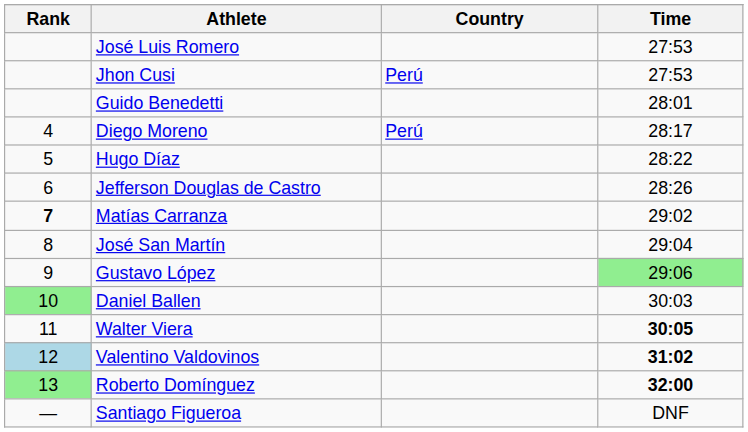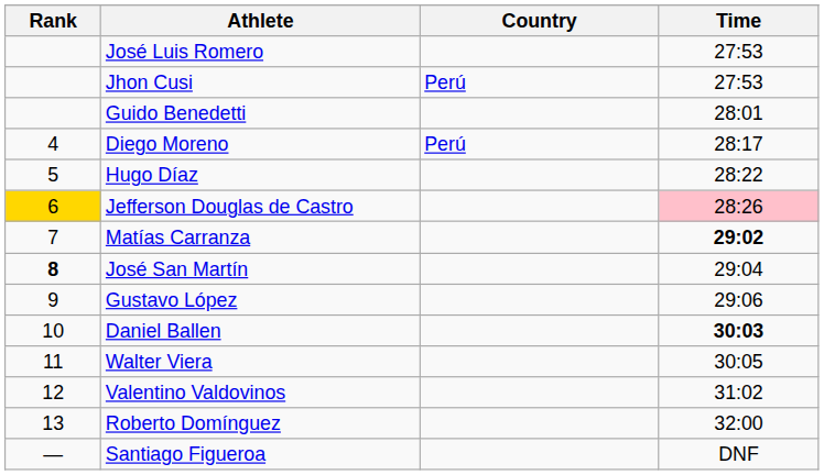 <table class="wikitable sortable" style=" text-align:center; font-size:95%;" width="50%">
 <tr>
 </tr>
 <tr>
 <th width=5%>Rank</th>
 <th width=20%>Athlete</th>
 <th width=15%>Country</th>
 <th width=10%>Time</th>
 </tr>
 <tr>
 <td align=center></td>
 <td align=left><a href='#'>José Luis Romero</a></td>
 <td align=left></td>
 <td>27:53</td>
 </tr>
 <tr>
 <td align=center></td>
 <td align=left><a href='#'>Jhon Cusi</a></td>
 <td align=left> <a href='#'>Perú</a></td>
 <td>27:53</td>
 </tr>
 <tr>
 <td align=center></td>
 <td align=left><a href='#'>Guido Benedetti</a></td>
 <td align=left></td>
 <td>28:01</td>
 </tr>
 <tr>
 <td align=center>4</td>
 <td align=left><a href='#'>Diego Moreno</a></td>
 <td align=left> <a href='#'>Perú</a></td>
 <td>28:17</td>
 </tr>
 <tr>
 <td align=center>5</td>
 <td align=left><a href='#'>Hugo Díaz</a></td>
 <td align=left></td>
 <td>28:22</td>
 </tr>
 <tr>
-<td align=center>6</td>
+<td align=center style="background: gold;">6</td>
 <td align=left><a href='#'>Jefferson Douglas de Castro</a></td>
 <td align=left></td>
-<td>28:26</td>
+<td style="background: pink;">28:26</td>
 </tr>
 <tr>
-<td align=center><strong>7</strong></td>
+<td align=center>7</td>
 <td align=left><a href='#'>Matías Carranza</a></td>
 <td align=left></td>
-<td>29:02</td>
+<td><strong>29:02</strong></td>
 </tr>
 <tr>
-<td align=center>8</td>
+<td align=center><strong>8</strong></td>
 <td align=left><a href='#'>José San Martín</a></td>
 <td align=left></td>
 <td>29:04</td>
 </tr>
 <tr>
 <td align=center>9</td>
 <td align=left><a href='#'>Gustavo López</a></td>
 <td align=left></td>
-<td style="background: lightgreen;">29:06</td>
+<td>29:06</td>
 </tr>
 <tr>
-<td align=center style="background: lightgreen;">10</td>
+<td align=center>10</td>
 <td align=left><a href='#'>Daniel Ballen</a></td>
 <td align=left></td>
-<td>30:03</td>
+<td><strong>30:03</strong></td>
 </tr>
 <tr>
 <td align=center>11</td>
 <td align=left><a href='#'>Walter Viera</a></td>
 <td align=left></td>
-<td><strong>30:05</strong></td>
+<td>30:05</td>
 </tr>
 <tr>
-<td align=center style="background: lightblue;">12</td>
+<td align=center>12</td>
 <td align=left><a href='#'>Valentino Valdovinos</a></td>
 <td align=left></td>
-<td><strong>31:02</strong></td>
+<td>31:02</td>
 </tr>
 <tr>
-<td align=center style="background: lightgreen;">13</td>
+<td align=center>13</td>
 <td align=left><a href='#'>Roberto Domínguez</a></td>
 <td align=left></td>
-<td><strong>32:00</strong></td>
+<td>32:00</td>
 </tr>
 <tr>
 <td align=center>—</td>
 <td align=left><a href='#'>Santiago Figueroa</a></td>
 <td align=left></td>
 <td>DNF</td>
 </tr>
 </table>
